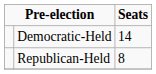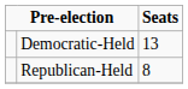 <table class= "wikitable">
 <tr>
 <td colspan= "2" rowspan= "1" align= "center" valign= "top"><strong>Pre-election</strong></td>
 <td valign= "top"><strong>Seats</strong><br></td>
 </tr>
 <tr>
 <td style="background-color:"> </td>
 <td>Democratic-Held</td>
-<td>14</td>
+<td>13</td>
 </tr>
 <tr>
 <td style="background-color:"> </td>
 <td>Republican-Held</td>
 <td>8</td>
 </tr>
 <tr>
 </tr>
 </table>
